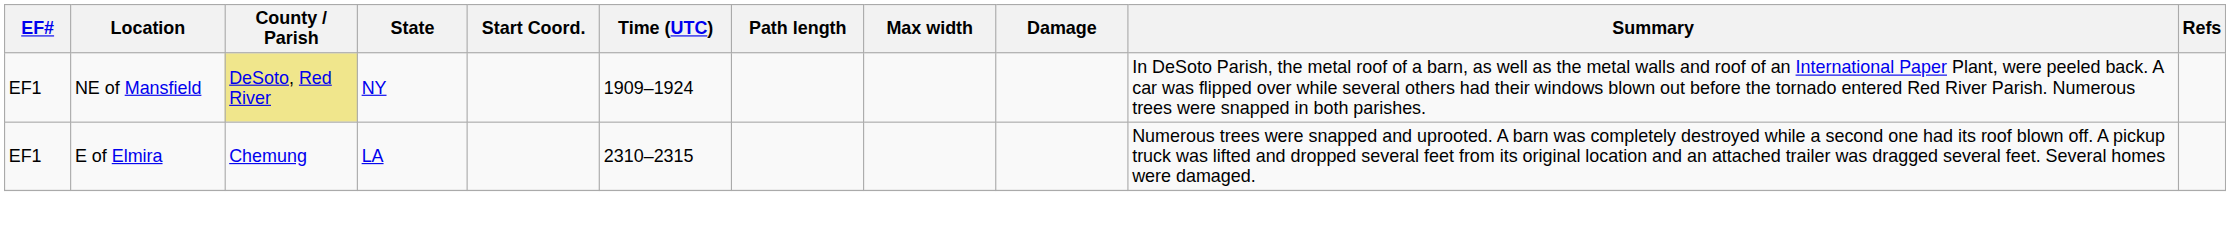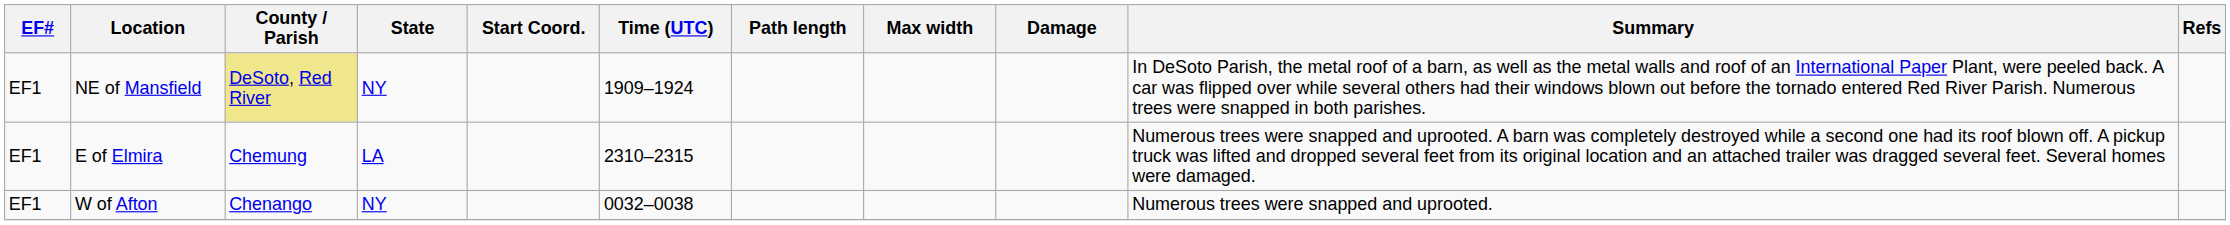 <table class="wikitable sortable" style="width:100%;">
 <tr>
 <th scope="col" width="3%" align="center"><a href='#'>EF#</a></th>
 <th scope="col" width="7%" align="center" class="unsortable">Location</th>
 <th scope="col" width="6%" align="center" class="unsortable">County / Parish</th>
 <th scope="col" width="5%" align="center">State</th>
 <th scope="col" width="6%" align="center">Start Coord.</th>
 <th scope="col" width="6%" align="center">Time (<a href='#'>UTC</a>)</th>
 <th scope="col" width="6%" align="center">Path length</th>
 <th scope="col" width="6%" align="center">Max width</th>
 <th scope="col" width="6%" align="center">Damage</th>
 <th scope="col" width="48%" class="unsortable" align="center">Summary</th>
 <th scope="col" width="48%" class="unsortable" align="center">Refs</th>
 </tr>
 <tr>
 <td>EF1</td>
 <td>NE of <a href='#'>Mansfield</a></td>
 <td style="background: khaki;"><a href='#'>DeSoto</a>, <a href='#'>Red River</a></td>
 <td><a href='#'>NY</a></td>
 <td></td>
 <td>1909–1924</td>
 <td></td>
 <td></td>
 <td></td>
 <td>In DeSoto Parish, the metal roof of a barn, as well as the metal walls and roof of an <a href='#'>International Paper</a> Plant, were peeled back. A car was flipped over while several others had their windows blown out before the tornado entered Red River Parish. Numerous trees were snapped in both parishes.</td>
 <td></td>
 </tr>
 <tr>
 <td>EF1</td>
 <td>E of <a href='#'>Elmira</a></td>
 <td><a href='#'>Chemung</a></td>
 <td><a href='#'>LA</a></td>
 <td></td>
 <td>2310–2315</td>
 <td></td>
 <td></td>
 <td></td>
 <td>Numerous trees were snapped and uprooted. A barn was completely destroyed while a second one had its roof blown off. A pickup truck was lifted and dropped several feet from its original location and an attached trailer was dragged several feet. Several homes were damaged.</td>
 <td></td>
 </tr>
 <tr>
+<td>EF1</td>
+<td>W of <a href='#'>Afton</a></td>
+<td><a href='#'>Chenango</a></td>
+<td><a href='#'>NY</a></td>
+<td></td>
+<td>0032–0038</td>
+<td></td>
+<td></td>
+<td></td>
+<td>Numerous trees were snapped and uprooted.</td>
+<td></td>
+</tr>
+<tr>
 </tr>
 </table>
